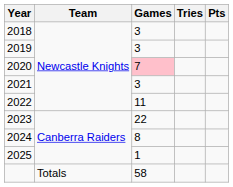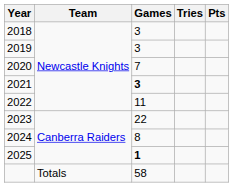 <table class="wikitable">
 <tr>
 <th>Year</th>
 <th>Team</th>
 <th>Games</th>
 <th>Tries</th>
 <th>Pts</th>
 </tr>
 <tr>
 <td>2018</td>
 <td rowspan="5"> <a href='#'>Newcastle Knights</a></td>
 <td>3</td>
 <td></td>
 <td></td>
 </tr>
 <tr>
 <td>2019</td>
 <td>3</td>
 <td></td>
 <td></td>
 </tr>
 <tr>
 <td>2020</td>
-<td style="background: pink;">7</td>
+<td>7</td>
 <td></td>
 <td></td>
 </tr>
 <tr>
 <td>2021</td>
-<td>3</td>
+<td><strong>3</strong></td>
 <td></td>
 <td></td>
 </tr>
 <tr>
 <td>2022</td>
 <td>11</td>
 <td></td>
 <td></td>
 </tr>
 <tr>
 <td>2023</td>
 <td rowspan="3"> <a href='#'>Canberra Raiders</a></td>
 <td>22</td>
 <td></td>
 <td></td>
 </tr>
 <tr>
 <td>2024</td>
 <td>8</td>
 <td></td>
 <td></td>
 </tr>
 <tr>
 <td>2025</td>
-<td>1</td>
+<td><strong>1</strong></td>
 <td></td>
 <td></td>
 </tr>
 <tr>
 <td></td>
 <td>Totals</td>
 <td>58</td>
 <td></td>
 <td></td>
 </tr>
 </table>
